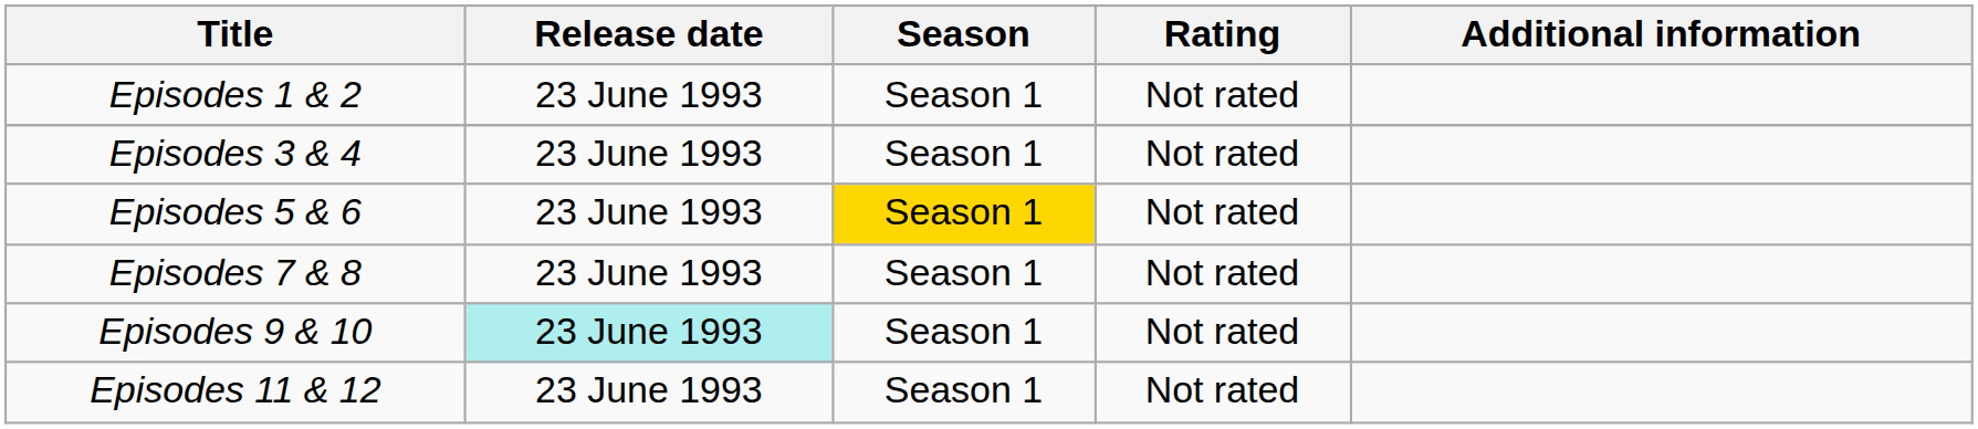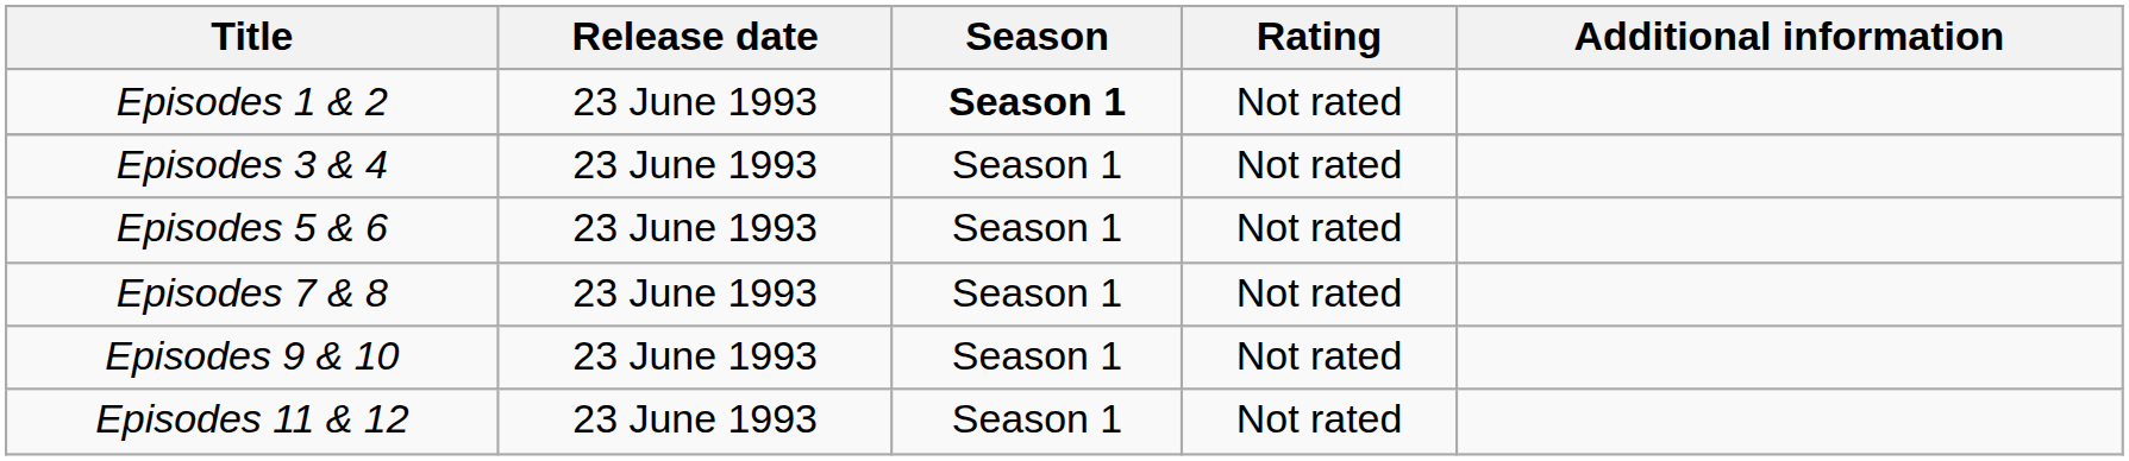 <table class="wikitable" style="width:95%; text-align:center;">
 <tr>
 <th>Title</th>
 <th>Release date</th>
 <th>Season</th>
 <th>Rating</th>
 <th>Additional information</th>
 </tr>
 <tr>
 <td><em>Episodes 1 & 2</em></td>
 <td>23 June 1993</td>
-<td>Season 1</td>
+<td><strong>Season 1</strong></td>
 <td>Not rated</td>
 <td></td>
 </tr>
 <tr>
 </tr>
 <tr>
 <td><em>Episodes 3 & 4</em></td>
 <td>23 June 1993</td>
 <td>Season 1</td>
 <td>Not rated</td>
 <td></td>
 </tr>
 <tr>
 <td><em>Episodes 5 & 6</em></td>
 <td>23 June 1993</td>
-<td style="background: gold;">Season 1</td>
+<td>Season 1</td>
 <td>Not rated</td>
 <td></td>
 </tr>
 <tr>
 <td><em>Episodes 7 & 8</em></td>
 <td>23 June 1993</td>
 <td>Season 1</td>
 <td>Not rated</td>
 <td></td>
 </tr>
 <tr>
 <td><em>Episodes 9 & 10</em></td>
-<td style="background: paleturquoise;">23 June 1993</td>
+<td>23 June 1993</td>
 <td>Season 1</td>
 <td>Not rated</td>
 <td></td>
 </tr>
 <tr>
 <td><em>Episodes 11 & 12</em></td>
 <td>23 June 1993</td>
 <td>Season 1</td>
 <td>Not rated</td>
 <td></td>
 </tr>
 </table>
